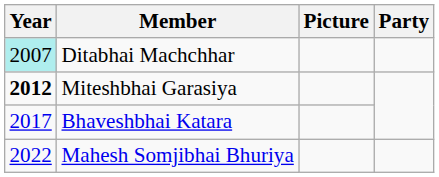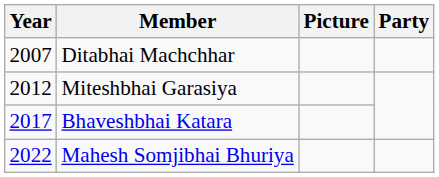 <table class="wikitable sortable">
 <tr>
 <th>Year</th>
 <th>Member</th>
 <th>Picture</th>
 <th colspan="2">Party</th>
 </tr>
 <tr>
-<td style="background: paleturquoise;">2007</td>
+<td>2007</td>
 <td>Ditabhai Machchhar</td>
 <td></td>
 <td></td>
 </tr>
 <tr>
-<td><strong>2012</strong></td>
+<td>2012</td>
 <td>Miteshbhai Garasiya</td>
 <td></td>
 </tr>
 <tr>
 <td><a href='#'>2017</a></td>
 <td><a href='#'>Bhaveshbhai Katara</a></td>
 <td></td>
 </tr>
 <tr>
 <td><a href='#'>2022</a></td>
 <td><a href='#'>Mahesh Somjibhai Bhuriya</a></td>
 <td></td>
 <td></td>
 </tr>
 </table>
